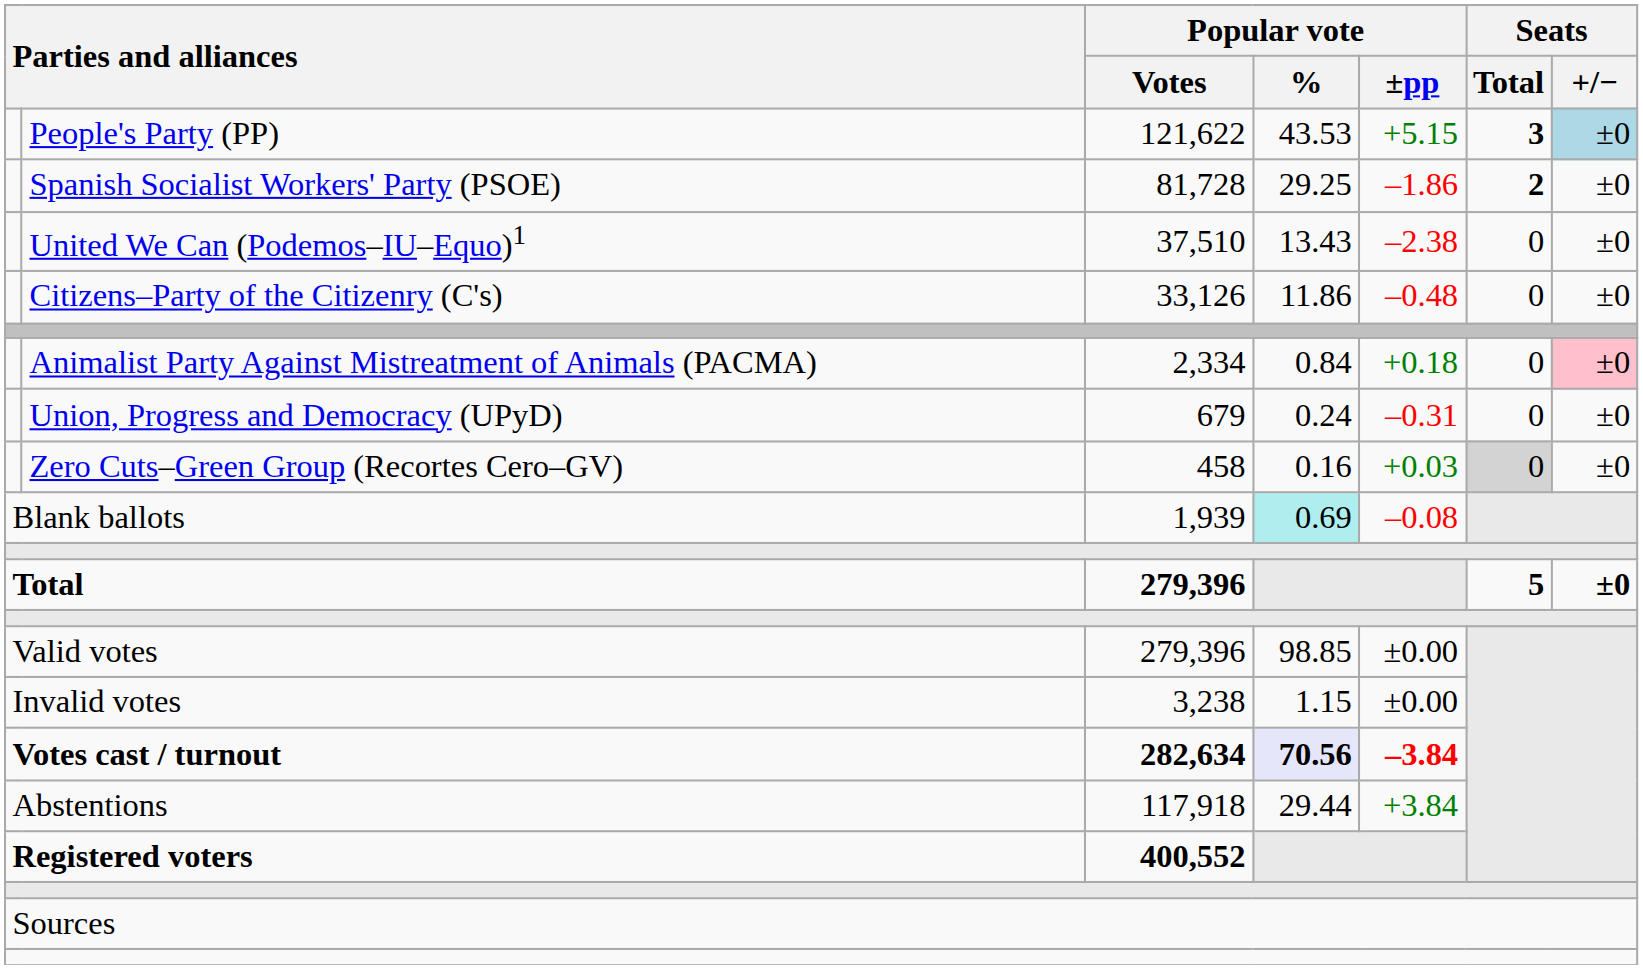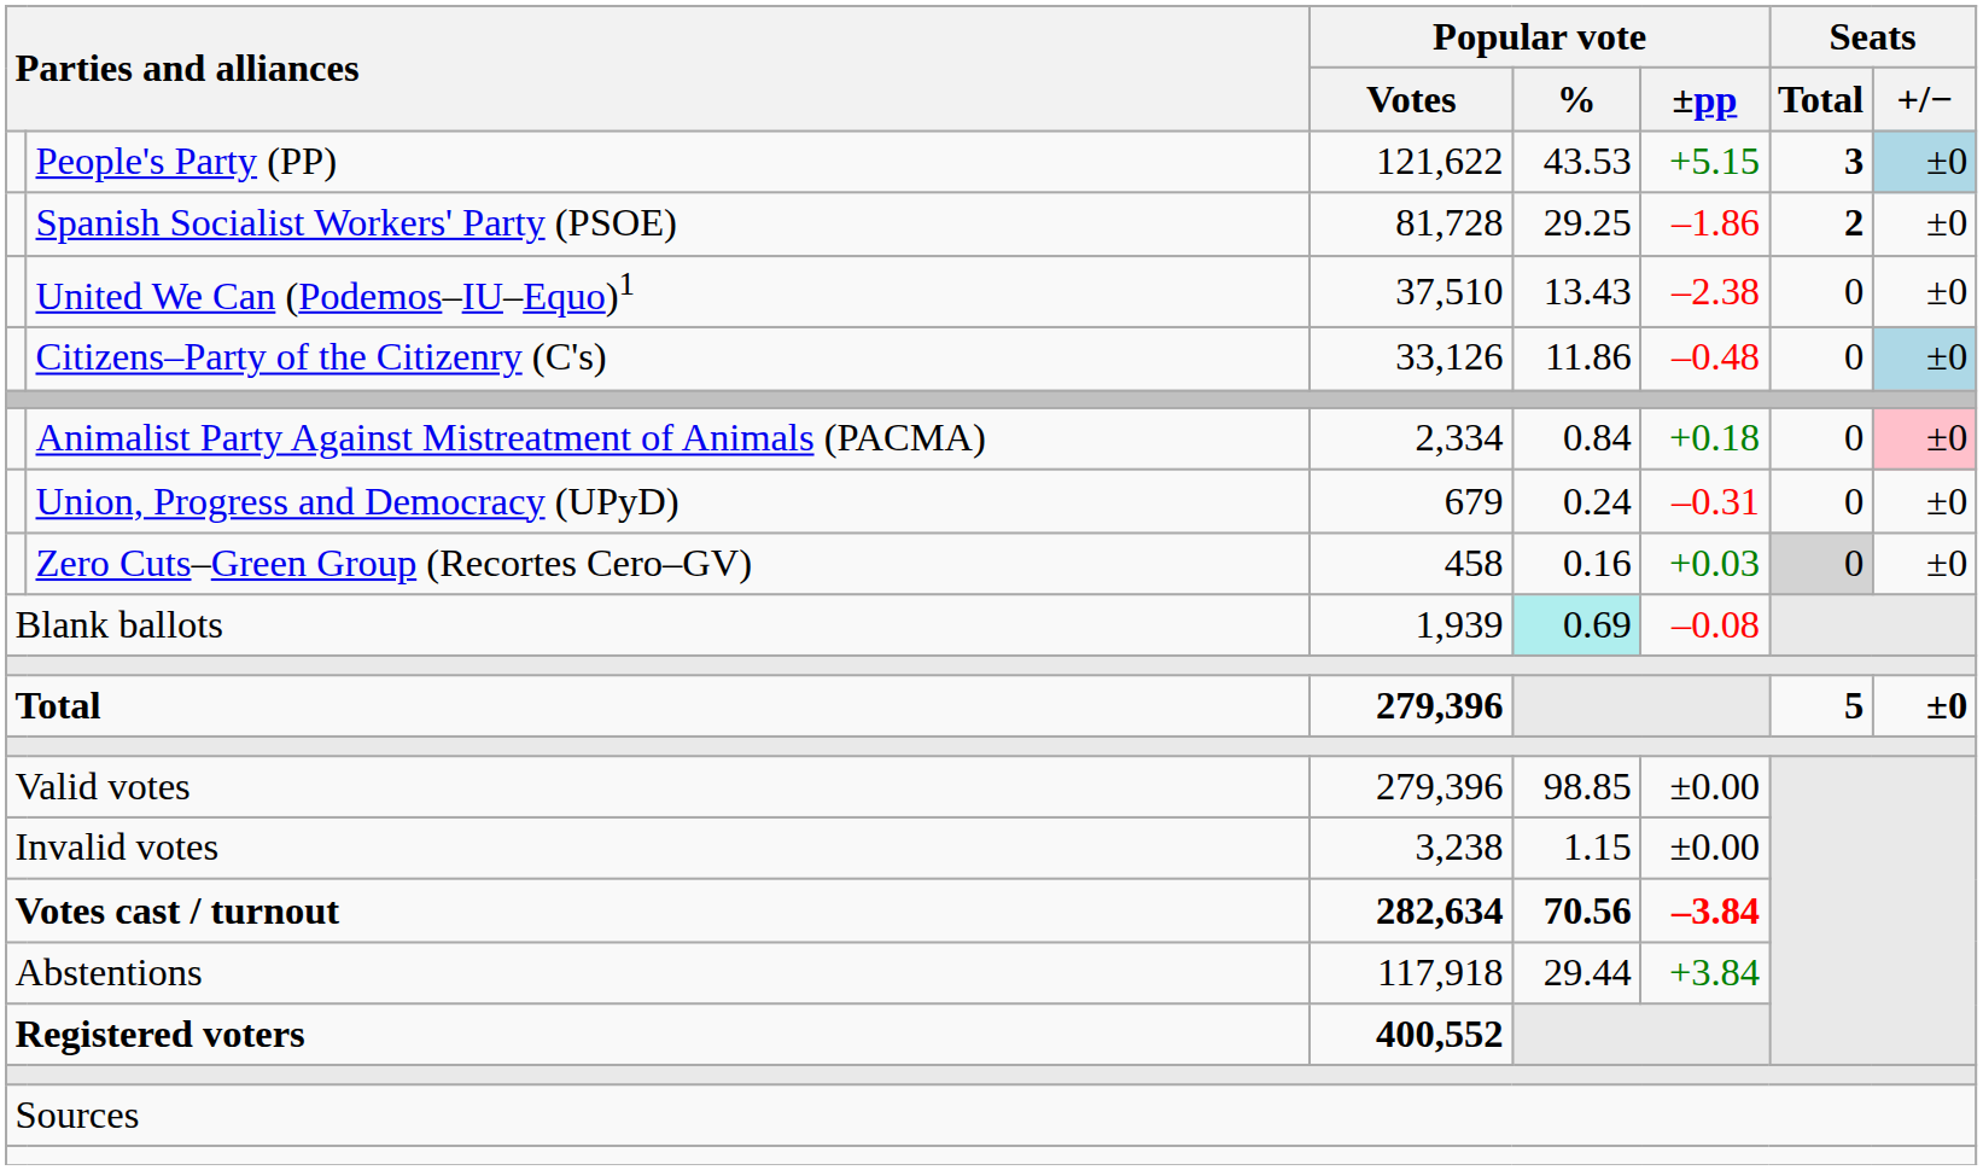 <table class="wikitable" style="text-align:right;">
 <tr>
 <th style="text-align:left;" rowspan="2" colspan="2" width="525">Parties and alliances</th>
 <th colspan="3">Popular vote</th>
 <th colspan="2">Seats</th>
 </tr>
 <tr>
 <th width="75">Votes</th>
 <th width="45">%</th>
 <th width="45">±<a href='#'>pp</a></th>
 <th width="35">Total</th>
 <th width="35">+/−</th>
 </tr>
 <tr>
 <td width="1" style="color:inherit;background:"></td>
 <td align="left"><a href='#'>People's Party</a> (PP)</td>
 <td>121,622</td>
 <td>43.53</td>
 <td style="color:green;">+5.15</td>
 <td><strong>3</strong></td>
 <td style="background: lightblue;">±0</td>
 </tr>
 <tr>
 <td style="color:inherit;background:"></td>
 <td align="left"><a href='#'>Spanish Socialist Workers' Party</a> (PSOE)</td>
 <td>81,728</td>
 <td>29.25</td>
 <td style="color:red;">–1.86</td>
 <td><strong>2</strong></td>
 <td>±0</td>
 </tr>
 <tr>
 <td style="color:inherit;background:"></td>
 <td align="left"><a href='#'>United We Can</a> (<a href='#'>Podemos</a>–<a href='#'>IU</a>–<a href='#'>Equo</a>)<sup>1</sup></td>
 <td>37,510</td>
 <td>13.43</td>
 <td style="color:red;">–2.38</td>
 <td>0</td>
 <td>±0</td>
 </tr>
 <tr>
 <td style="color:inherit;background:"></td>
 <td align="left"><a href='#'>Citizens–Party of the Citizenry</a> (C's)</td>
 <td>33,126</td>
 <td>11.86</td>
 <td style="color:red;">–0.48</td>
 <td>0</td>
-<td>±0</td>
+<td style="background: lightblue;">±0</td>
 </tr>
 <tr>
 <td colspan="7" bgcolor="#C0C0C0"></td>
 </tr>
 <tr>
 <td style="color:inherit;background:"></td>
 <td align="left"><a href='#'>Animalist Party Against Mistreatment of Animals</a> (PACMA)</td>
 <td>2,334</td>
 <td>0.84</td>
 <td style="color:green;">+0.18</td>
 <td>0</td>
 <td style="background: pink;">±0</td>
 </tr>
 <tr>
 <td style="color:inherit;background:"></td>
 <td align="left"><a href='#'>Union, Progress and Democracy</a> (UPyD)</td>
 <td>679</td>
 <td>0.24</td>
 <td style="color:red;">–0.31</td>
 <td>0</td>
 <td>±0</td>
 </tr>
 <tr>
 <td style="color:inherit;background:"></td>
 <td align="left"><a href='#'>Zero Cuts</a>–<a href='#'>Green Group</a> (Recortes Cero–GV)</td>
 <td>458</td>
 <td>0.16</td>
 <td style="color:green;">+0.03</td>
 <td style="background: lightgrey;">0</td>
 <td>±0</td>
 </tr>
 <tr>
 <td align="left" colspan="2">Blank ballots</td>
 <td>1,939</td>
 <td style="background: paleturquoise;">0.69</td>
 <td style="color:red;">–0.08</td>
 <td bgcolor="#E9E9E9" colspan="2"></td>
 </tr>
 <tr>
 <td colspan="7" bgcolor="#E9E9E9"></td>
 </tr>
 <tr style="font-weight:bold;">
 <td align="left" colspan="2">Total</td>
 <td>279,396</td>
 <td bgcolor="#E9E9E9" colspan="2"></td>
 <td>5</td>
 <td>±0</td>
 </tr>
 <tr>
 <td colspan="7" bgcolor="#E9E9E9"></td>
 </tr>
 <tr>
 <td align="left" colspan="2">Valid votes</td>
 <td>279,396</td>
 <td>98.85</td>
 <td>±0.00</td>
 <td bgcolor="#E9E9E9" colspan="2" rowspan="5"></td>
 </tr>
 <tr>
 <td align="left" colspan="2">Invalid votes</td>
 <td>3,238</td>
 <td>1.15</td>
 <td>±0.00</td>
 </tr>
 <tr style="font-weight:bold;">
 <td align="left" colspan="2">Votes cast / turnout</td>
 <td>282,634</td>
-<td style="background: lavender;">70.56</td>
+<td>70.56</td>
 <td style="color:red;">–3.84</td>
 </tr>
 <tr>
 <td align="left" colspan="2">Abstentions</td>
 <td>117,918</td>
 <td>29.44</td>
 <td style="color:green;">+3.84</td>
 </tr>
 <tr style="font-weight:bold;">
 <td align="left" colspan="2">Registered voters</td>
 <td>400,552</td>
 <td bgcolor="#E9E9E9" colspan="2"></td>
 </tr>
 <tr>
 <td colspan="7" bgcolor="#E9E9E9"></td>
 </tr>
 <tr>
 <td align="left" colspan="7">Sources</td>
 </tr>
 <tr>
 <td colspan="7" style="text-align:left; max-width:790px;"></td>
 </tr>
 </table>
